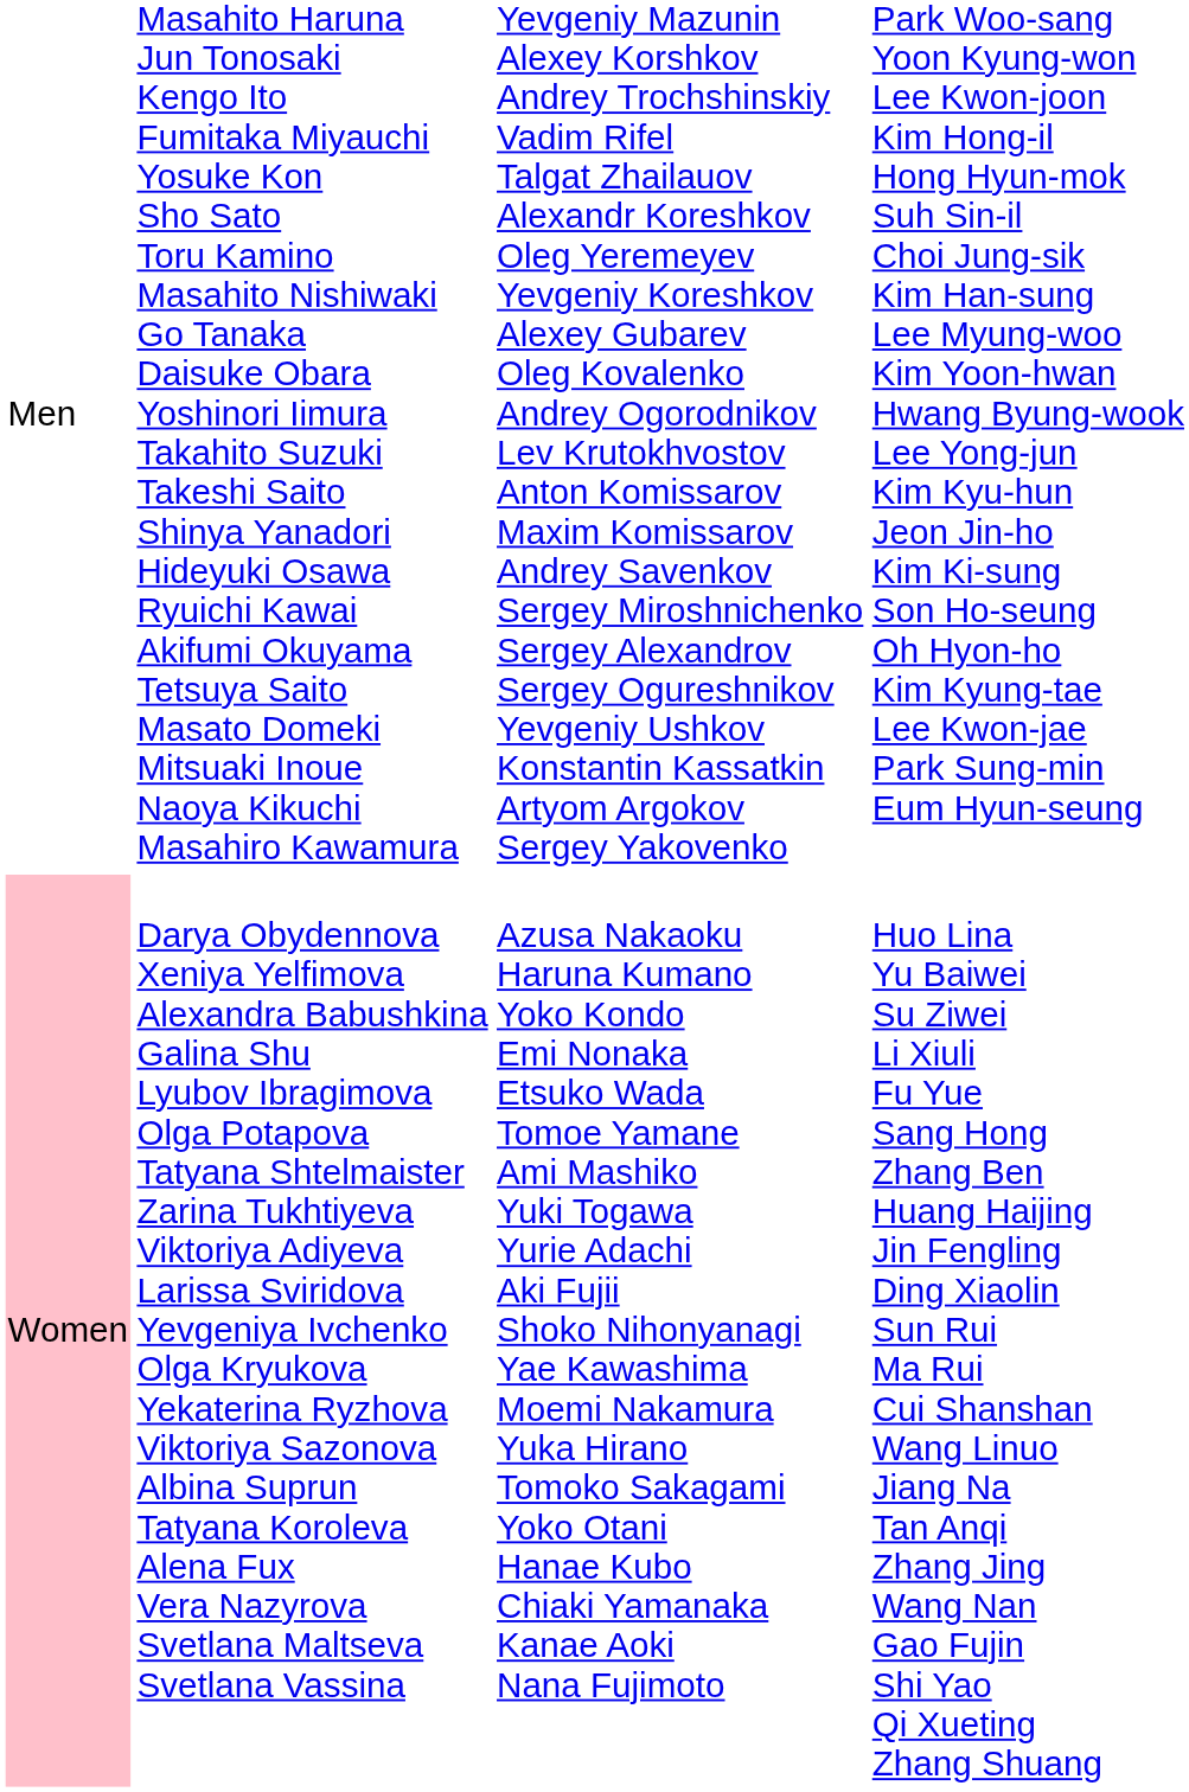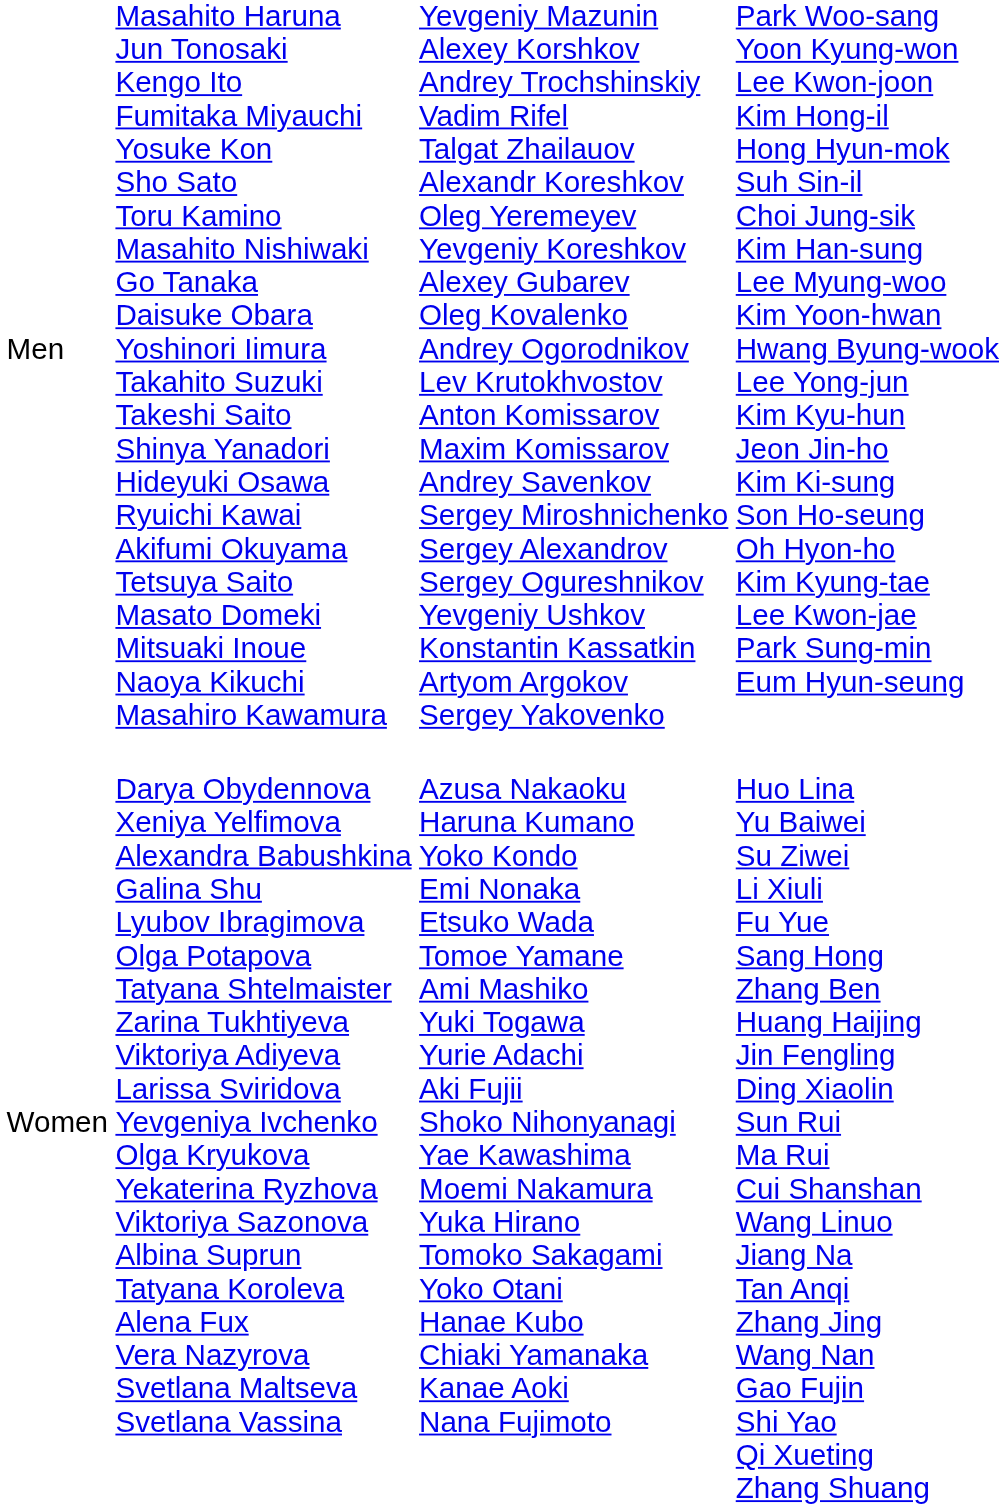 <table>
 <tr>
 <td>Men<br></td>
 <td><br><a href='#'>Masahito Haruna</a><br><a href='#'>Jun Tonosaki</a><br><a href='#'>Kengo Ito</a><br><a href='#'>Fumitaka Miyauchi</a><br><a href='#'>Yosuke Kon</a><br><a href='#'>Sho Sato</a><br><a href='#'>Toru Kamino</a><br><a href='#'>Masahito Nishiwaki</a><br><a href='#'>Go Tanaka</a><br><a href='#'>Daisuke Obara</a><br><a href='#'>Yoshinori Iimura</a><br><a href='#'>Takahito Suzuki</a><br><a href='#'>Takeshi Saito</a><br><a href='#'>Shinya Yanadori</a><br><a href='#'>Hideyuki Osawa</a><br><a href='#'>Ryuichi Kawai</a><br><a href='#'>Akifumi Okuyama</a><br><a href='#'>Tetsuya Saito</a><br><a href='#'>Masato Domeki</a><br><a href='#'>Mitsuaki Inoue</a><br><a href='#'>Naoya Kikuchi</a><br><a href='#'>Masahiro Kawamura</a></td>
 <td><br><a href='#'>Yevgeniy Mazunin</a><br><a href='#'>Alexey Korshkov</a><br><a href='#'>Andrey Trochshinskiy</a><br><a href='#'>Vadim Rifel</a><br><a href='#'>Talgat Zhailauov</a><br><a href='#'>Alexandr Koreshkov</a><br><a href='#'>Oleg Yeremeyev</a><br><a href='#'>Yevgeniy Koreshkov</a><br><a href='#'>Alexey Gubarev</a><br><a href='#'>Oleg Kovalenko</a><br><a href='#'>Andrey Ogorodnikov</a><br><a href='#'>Lev Krutokhvostov</a><br><a href='#'>Anton Komissarov</a><br><a href='#'>Maxim Komissarov</a><br><a href='#'>Andrey Savenkov</a><br><a href='#'>Sergey Miroshnichenko</a><br><a href='#'>Sergey Alexandrov</a><br><a href='#'>Sergey Ogureshnikov</a><br><a href='#'>Yevgeniy Ushkov</a><br><a href='#'>Konstantin Kassatkin</a><br><a href='#'>Artyom Argokov</a><br><a href='#'>Sergey Yakovenko</a></td>
 <td valign=top><br><a href='#'>Park Woo-sang</a><br><a href='#'>Yoon Kyung-won</a><br><a href='#'>Lee Kwon-joon</a><br><a href='#'>Kim Hong-il</a><br><a href='#'>Hong Hyun-mok</a><br><a href='#'>Suh Sin-il</a><br><a href='#'>Choi Jung-sik</a><br><a href='#'>Kim Han-sung</a><br><a href='#'>Lee Myung-woo</a><br><a href='#'>Kim Yoon-hwan</a><br><a href='#'>Hwang Byung-wook</a><br><a href='#'>Lee Yong-jun</a><br><a href='#'>Kim Kyu-hun</a><br><a href='#'>Jeon Jin-ho</a><br><a href='#'>Kim Ki-sung</a><br><a href='#'>Son Ho-seung</a><br><a href='#'>Oh Hyon-ho</a><br><a href='#'>Kim Kyung-tae</a><br><a href='#'>Lee Kwon-jae</a><br><a href='#'>Park Sung-min</a><br><a href='#'>Eum Hyun-seung</a></td>
 </tr>
 <tr>
-<td style="background: pink;">Women<br></td>
+<td>Women<br></td>
 <td valign=top><br><a href='#'>Darya Obydennova</a><br><a href='#'>Xeniya Yelfimova</a><br><a href='#'>Alexandra Babushkina</a><br><a href='#'>Galina Shu</a><br><a href='#'>Lyubov Ibragimova</a><br><a href='#'>Olga Potapova</a><br><a href='#'>Tatyana Shtelmaister</a><br><a href='#'>Zarina Tukhtiyeva</a><br><a href='#'>Viktoriya Adiyeva</a><br><a href='#'>Larissa Sviridova</a><br><a href='#'>Yevgeniya Ivchenko</a><br><a href='#'>Olga Kryukova</a><br><a href='#'>Yekaterina Ryzhova</a><br><a href='#'>Viktoriya Sazonova</a><br><a href='#'>Albina Suprun</a><br><a href='#'>Tatyana Koroleva</a><br><a href='#'>Alena Fux</a><br><a href='#'>Vera Nazyrova</a><br><a href='#'>Svetlana Maltseva</a><br><a href='#'>Svetlana Vassina</a></td>
 <td valign=top><br><a href='#'>Azusa Nakaoku</a><br><a href='#'>Haruna Kumano</a><br><a href='#'>Yoko Kondo</a><br><a href='#'>Emi Nonaka</a><br><a href='#'>Etsuko Wada</a><br><a href='#'>Tomoe Yamane</a><br><a href='#'>Ami Mashiko</a><br><a href='#'>Yuki Togawa</a><br><a href='#'>Yurie Adachi</a><br><a href='#'>Aki Fujii</a><br><a href='#'>Shoko Nihonyanagi</a><br><a href='#'>Yae Kawashima</a><br><a href='#'>Moemi Nakamura</a><br><a href='#'>Yuka Hirano</a><br><a href='#'>Tomoko Sakagami</a><br><a href='#'>Yoko Otani</a><br><a href='#'>Hanae Kubo</a><br><a href='#'>Chiaki Yamanaka</a><br><a href='#'>Kanae Aoki</a><br><a href='#'>Nana Fujimoto</a></td>
 <td><br><a href='#'>Huo Lina</a><br><a href='#'>Yu Baiwei</a><br><a href='#'>Su Ziwei</a><br><a href='#'>Li Xiuli</a><br><a href='#'>Fu Yue</a><br><a href='#'>Sang Hong</a><br><a href='#'>Zhang Ben</a><br><a href='#'>Huang Haijing</a><br><a href='#'>Jin Fengling</a><br><a href='#'>Ding Xiaolin</a><br><a href='#'>Sun Rui</a><br><a href='#'>Ma Rui</a><br><a href='#'>Cui Shanshan</a><br><a href='#'>Wang Linuo</a><br><a href='#'>Jiang Na</a><br><a href='#'>Tan Anqi</a><br><a href='#'>Zhang Jing</a><br><a href='#'>Wang Nan</a><br><a href='#'>Gao Fujin</a><br><a href='#'>Shi Yao</a><br><a href='#'>Qi Xueting</a><br><a href='#'>Zhang Shuang</a></td>
 </tr>
 </table>
